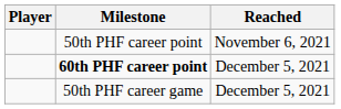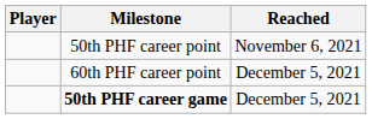 <table class="wikitable sortable" style="text-align:center;">
 <tr>
 <th>Player</th>
 <th>Milestone</th>
 <th>Reached</th>
 </tr>
 <tr>
 <td></td>
 <td>50th PHF career point</td>
 <td>November 6, 2021</td>
 </tr>
 <tr>
 <td></td>
-<td><strong>60th PHF career point</strong></td>
+<td>60th PHF career point</td>
 <td>December 5, 2021</td>
 </tr>
 <tr>
 <td></td>
-<td>50th PHF career game</td>
+<td><strong>50th PHF career game</strong></td>
 <td>December 5, 2021</td>
 </tr>
 </table>
